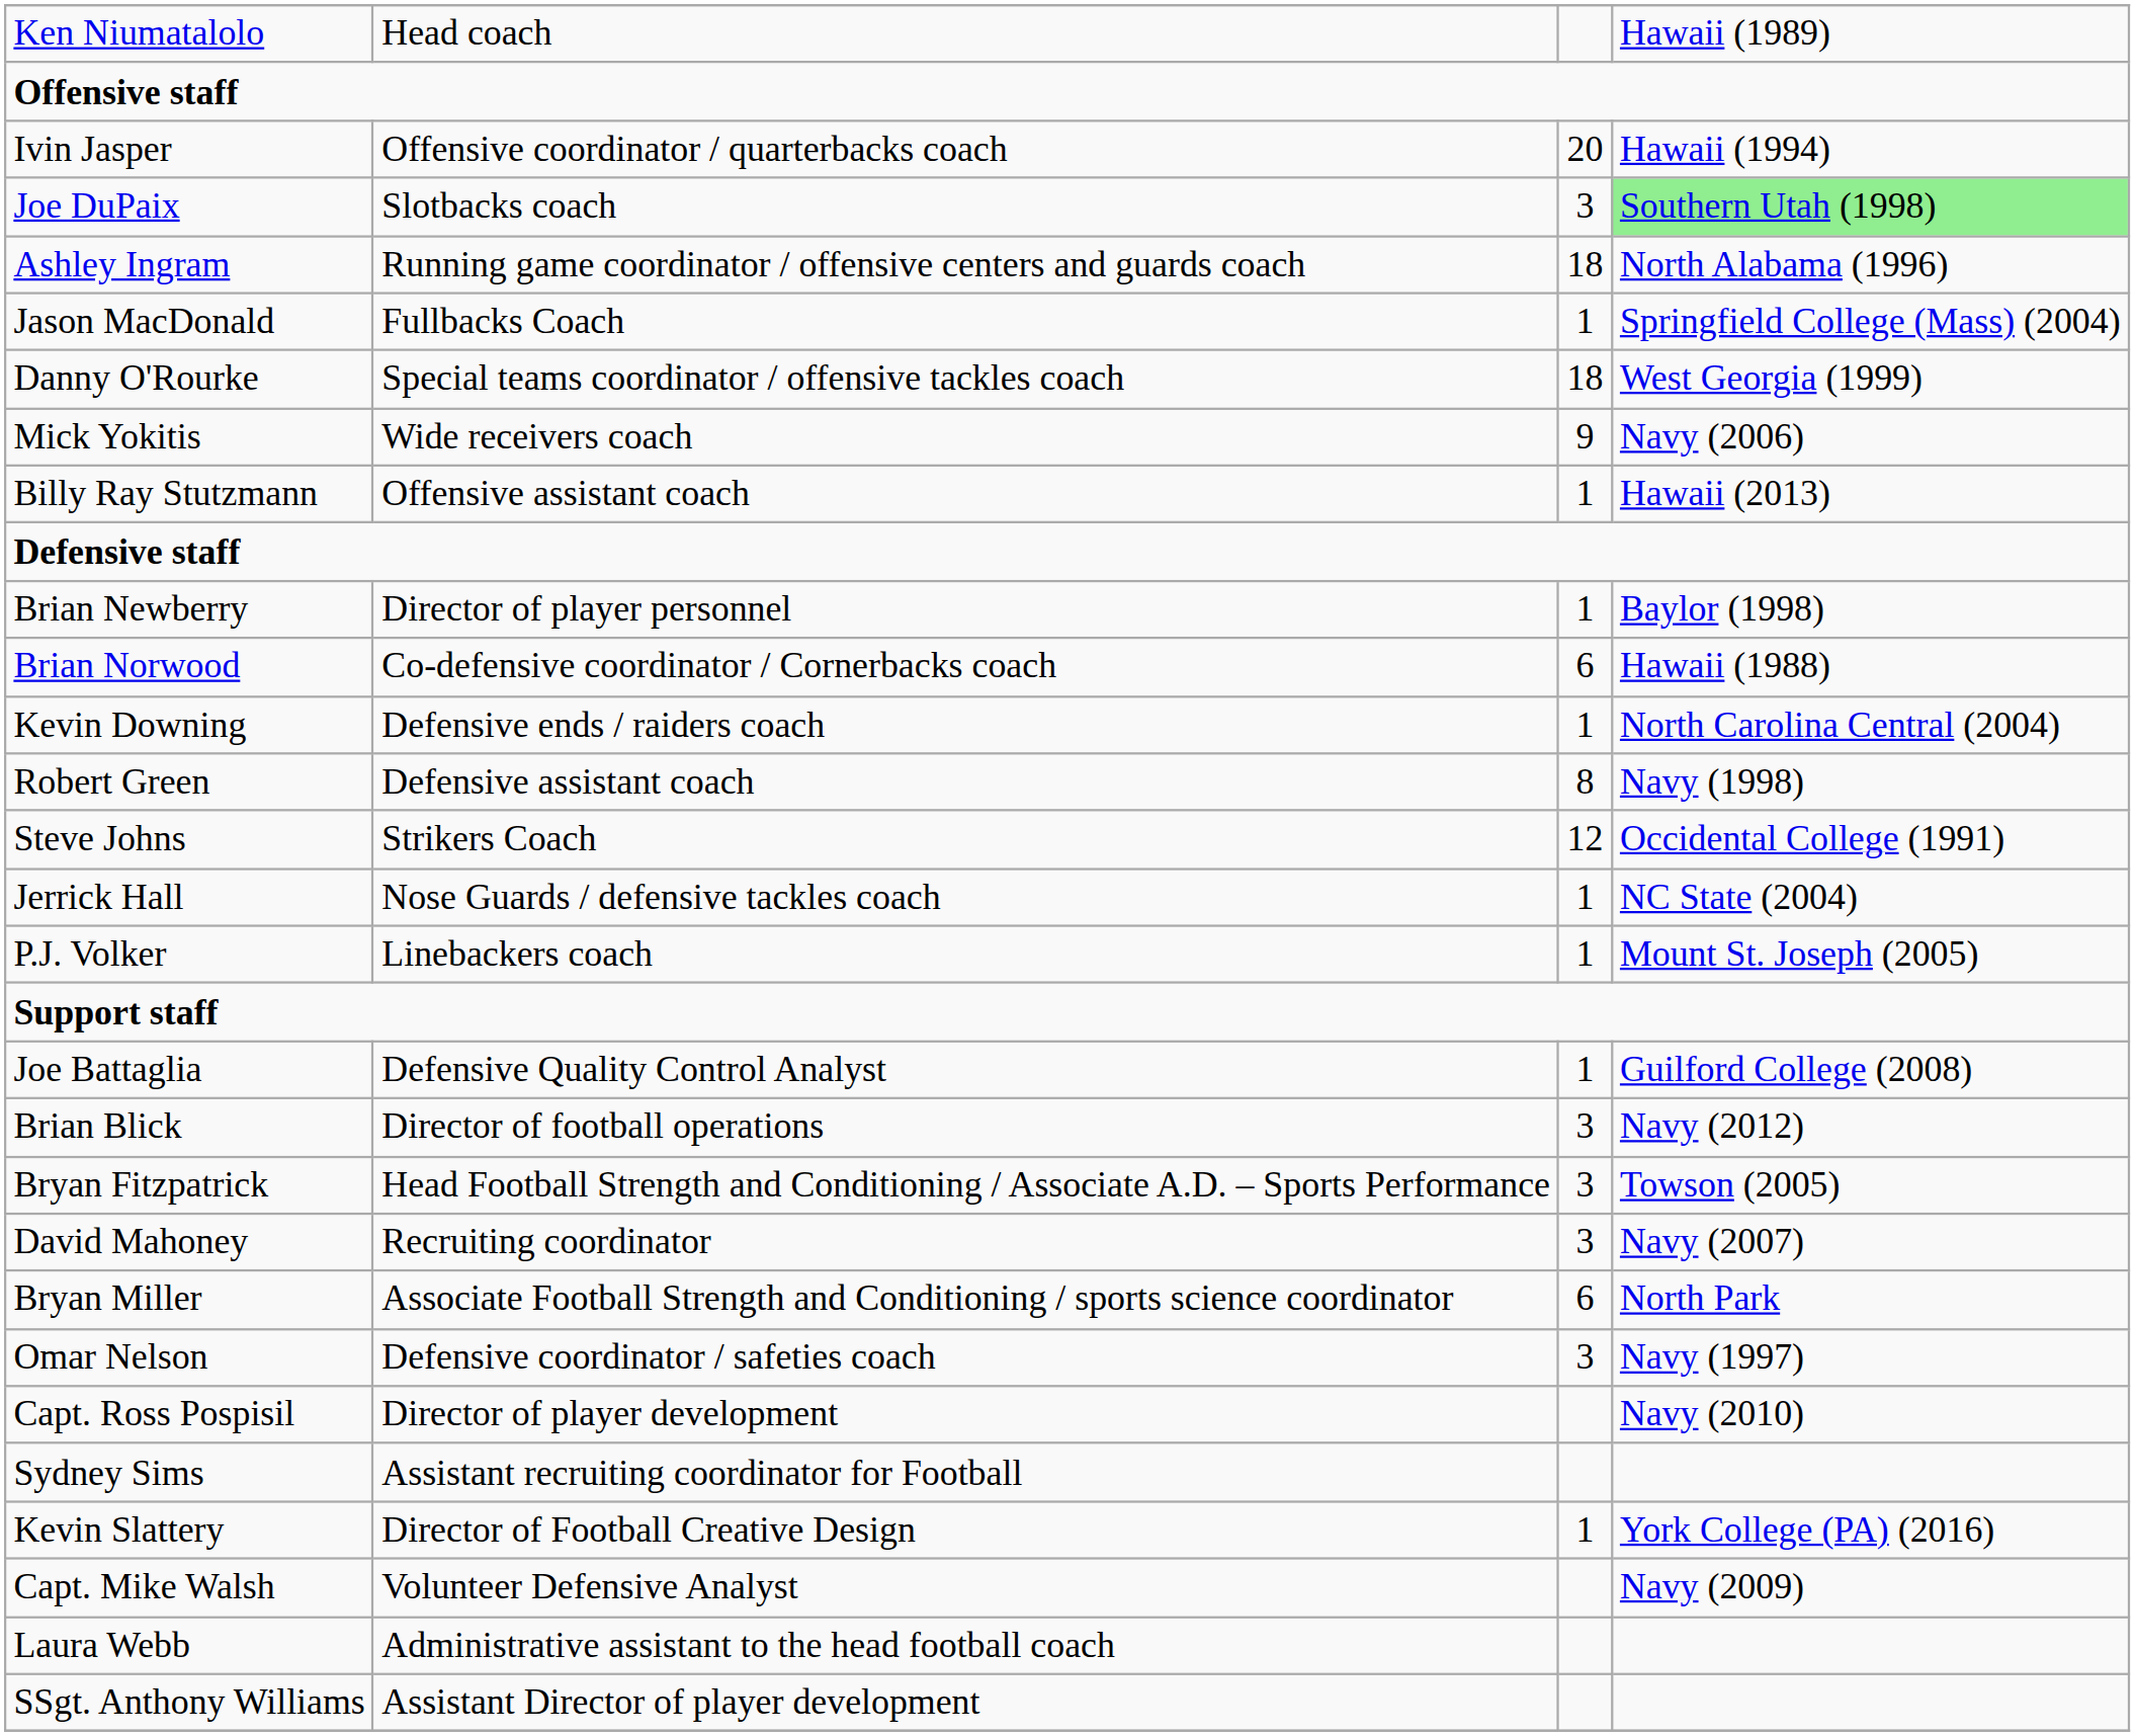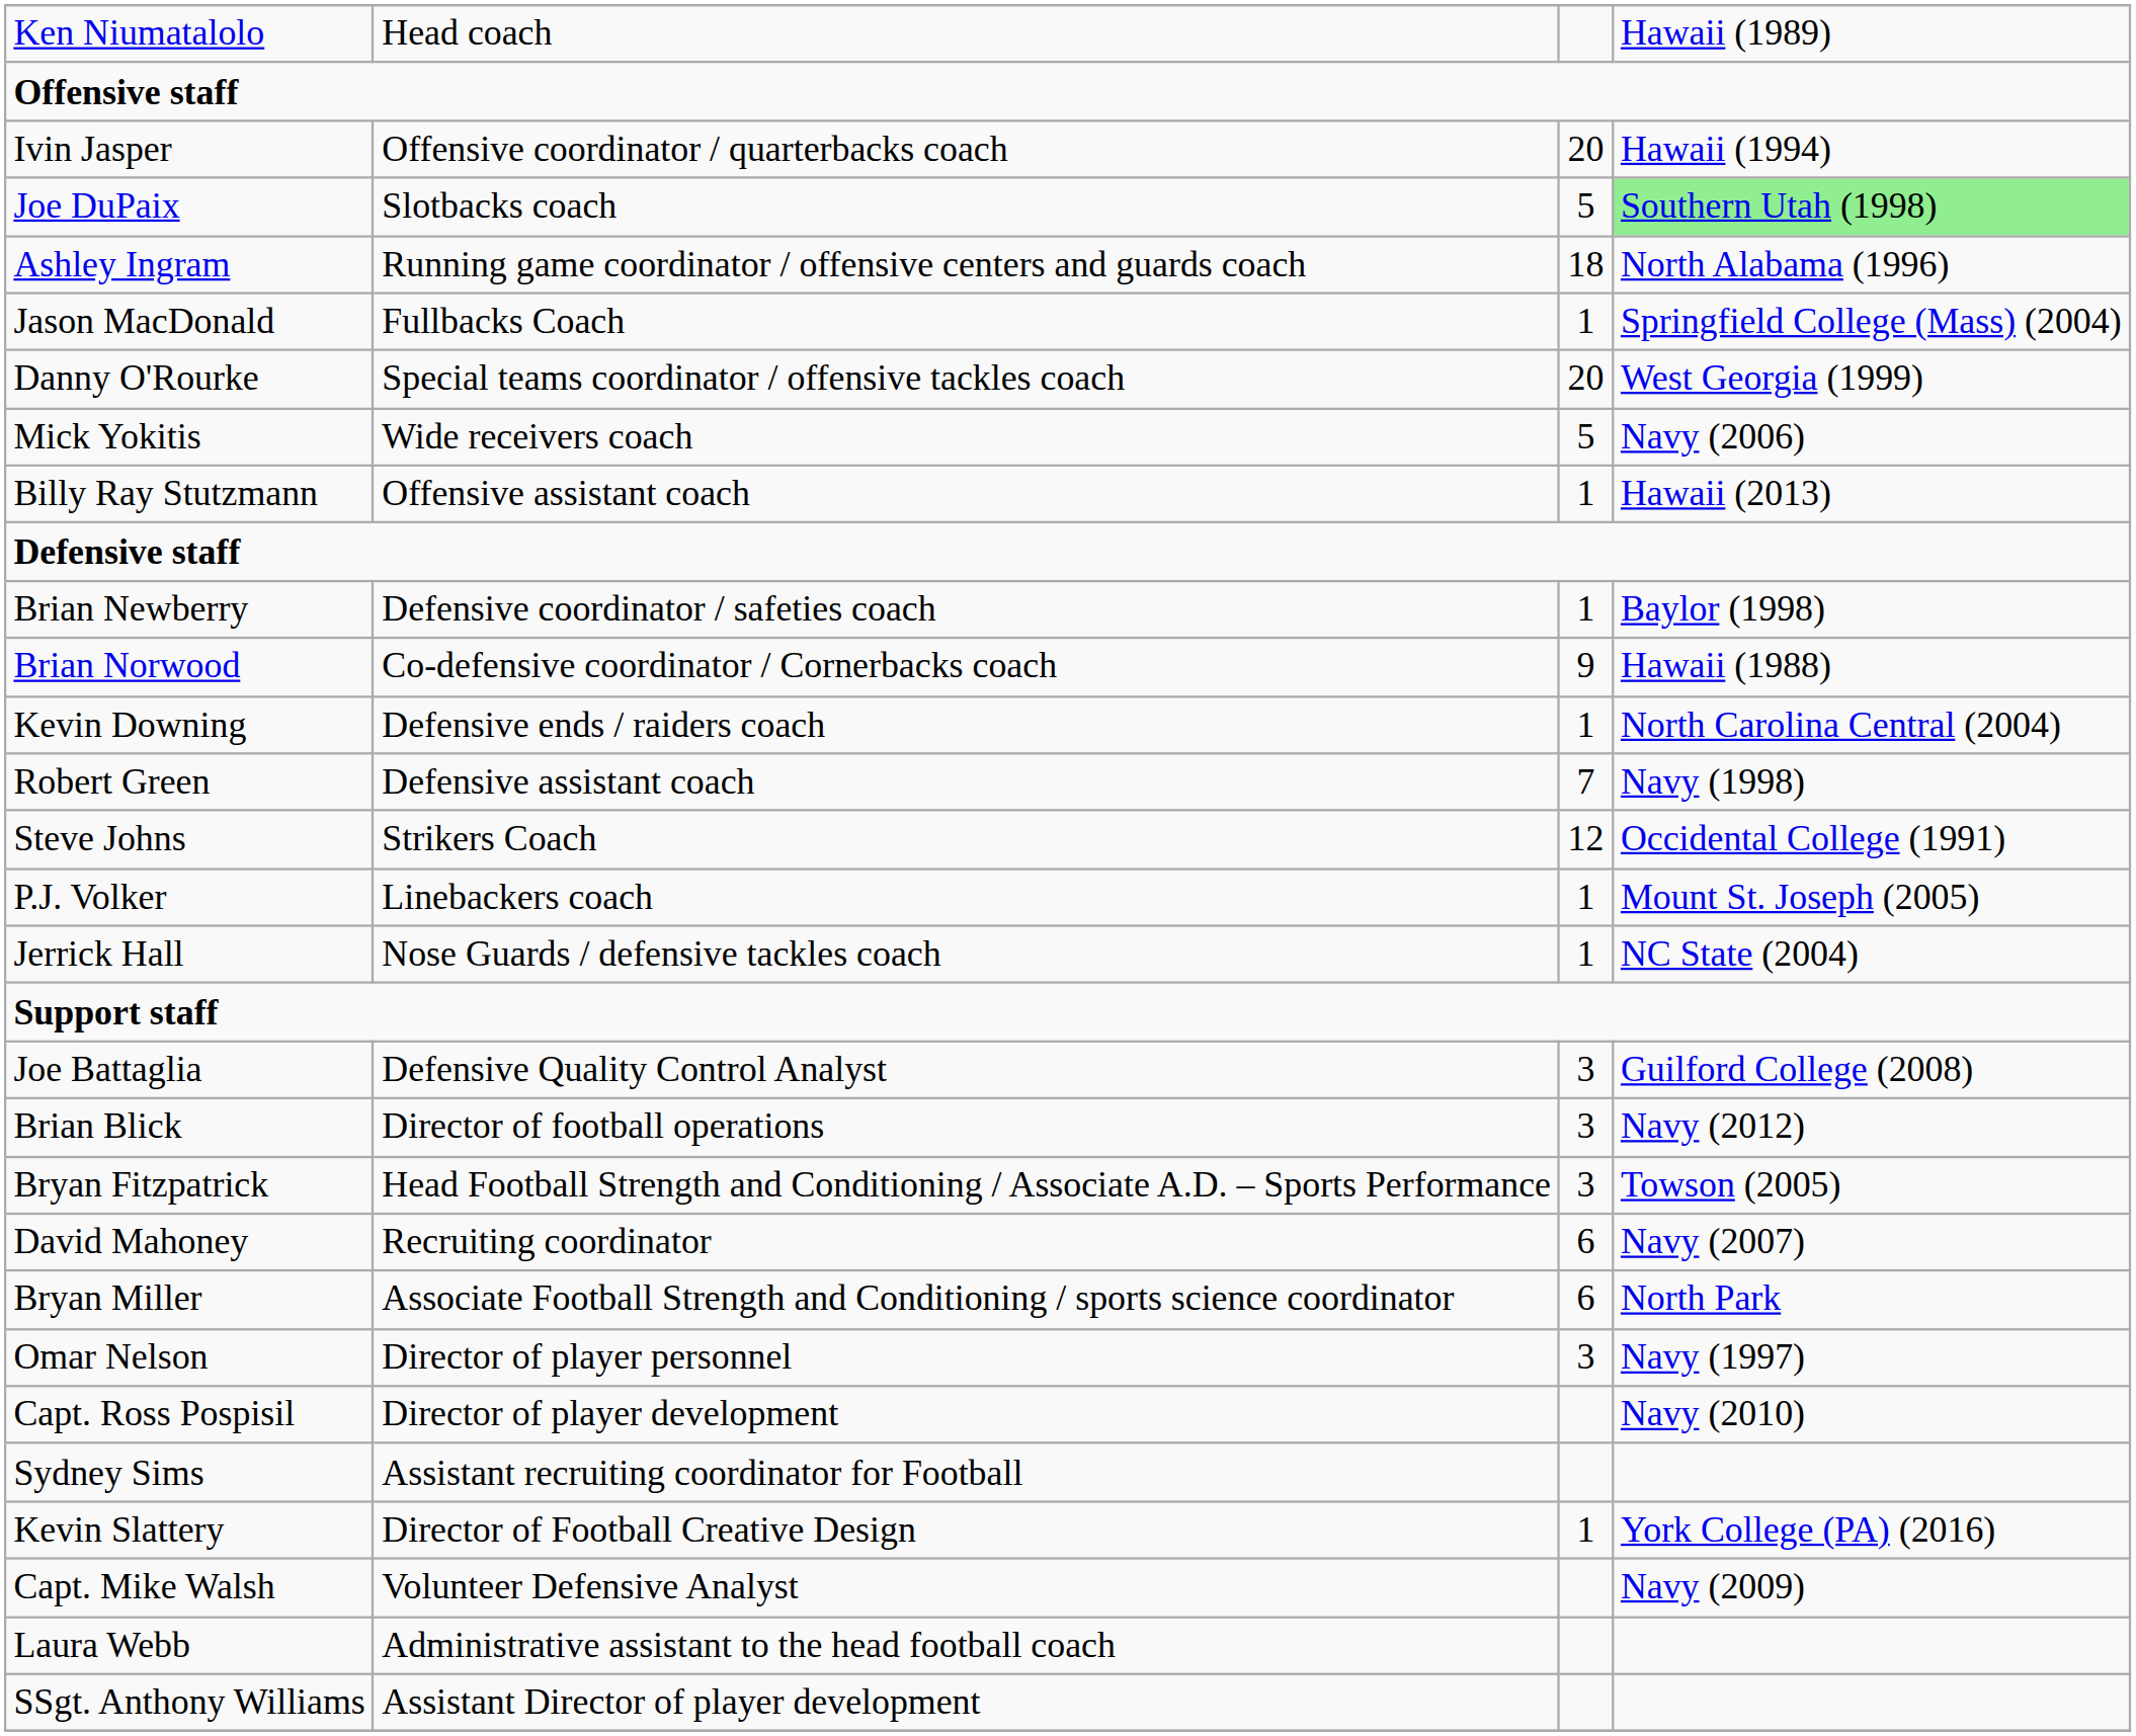 <table class="wikitable">
 <tr>
 </tr>
 <tr>
 <td><a href='#'>Ken Niumatalolo</a></td>
 <td>Head coach</td>
 <td align=center></td>
 <td><a href='#'>Hawaii</a> (1989)</td>
 </tr>
 <tr>
 <td colspan="4"><strong>Offensive staff</strong></td>
 </tr>
 <tr>
 <td>Ivin Jasper</td>
 <td>Offensive coordinator / quarterbacks coach</td>
 <td align=center>20</td>
 <td><a href='#'>Hawaii</a> (1994)</td>
 </tr>
 <tr>
 <td><a href='#'>Joe DuPaix</a></td>
 <td>Slotbacks coach</td>
-<td align=center>3</td>
+<td align=center>5</td>
 <td style="background: lightgreen;"><a href='#'>Southern Utah</a> (1998)</td>
 </tr>
 <tr>
 <td><a href='#'>Ashley Ingram</a></td>
 <td>Running game coordinator / offensive centers and guards coach</td>
 <td align=center>18</td>
 <td><a href='#'>North Alabama</a> (1996)</td>
 </tr>
 <tr>
 <td>Jason MacDonald</td>
 <td>Fullbacks Coach</td>
 <td align=center>1</td>
 <td><a href='#'>Springfield College (Mass)</a> (2004)</td>
 </tr>
 <tr>
 <td>Danny O'Rourke</td>
 <td>Special teams coordinator / offensive tackles coach</td>
-<td align=center>18</td>
+<td align=center>20</td>
 <td><a href='#'>West Georgia</a> (1999)</td>
 </tr>
 <tr>
 <td>Mick Yokitis</td>
 <td>Wide receivers coach</td>
-<td align=center>9</td>
+<td align=center>5</td>
 <td><a href='#'>Navy</a> (2006)</td>
 </tr>
 <tr>
 <td>Billy Ray Stutzmann</td>
 <td>Offensive assistant coach</td>
 <td align=center>1</td>
 <td><a href='#'>Hawaii</a> (2013)</td>
 </tr>
 <tr>
 <td colspan="4"><strong>Defensive staff</strong></td>
 </tr>
 <tr>
 <td>Brian Newberry</td>
-<td>Director of player personnel</td>
+<td>Defensive coordinator / safeties coach</td>
 <td align=center>1</td>
 <td><a href='#'>Baylor</a> (1998)</td>
 </tr>
 <tr>
 <td><a href='#'>Brian Norwood</a></td>
 <td>Co-defensive coordinator / Cornerbacks coach</td>
-<td align=center>6</td>
+<td align=center>9</td>
 <td><a href='#'>Hawaii</a> (1988)</td>
 </tr>
 <tr>
 <td>Kevin Downing</td>
 <td>Defensive ends / raiders coach</td>
 <td align=center>1</td>
 <td><a href='#'>North Carolina Central</a> (2004)</td>
 </tr>
 <tr>
 <td>Robert Green</td>
 <td>Defensive assistant coach</td>
-<td align=center>8</td>
+<td align=center>7</td>
 <td><a href='#'>Navy</a> (1998)</td>
 </tr>
 <tr>
 <td>Steve Johns</td>
 <td>Strikers Coach</td>
 <td align=center>12</td>
 <td><a href='#'>Occidental College</a> (1991)</td>
 </tr>
 <tr>
+<td>P.J. Volker</td>
+<td>Linebackers coach</td>
+<td align=center>1</td>
+<td><a href='#'>Mount St. Joseph</a> (2005)</td>
+</tr>
+<tr>
 <td>Jerrick Hall</td>
 <td>Nose Guards / defensive tackles coach</td>
 <td align=center>1</td>
 <td><a href='#'>NC State</a> (2004)</td>
-</tr>
-<tr>
-<td>P.J. Volker</td>
-<td>Linebackers coach</td>
-<td align=center>1</td>
-<td><a href='#'>Mount St. Joseph</a> (2005)</td>
 </tr>
 <tr>
 <td colspan="4"><strong>Support staff</strong></td>
 </tr>
 <tr>
 <td>Joe Battaglia</td>
 <td>Defensive Quality Control Analyst</td>
-<td align=center>1</td>
+<td align=center>3</td>
 <td><a href='#'>Guilford College</a> (2008)</td>
 </tr>
 <tr>
 <td>Brian Blick</td>
 <td>Director of football operations</td>
 <td align=center>3</td>
 <td><a href='#'>Navy</a> (2012)</td>
 </tr>
 <tr>
 <td>Bryan Fitzpatrick</td>
 <td>Head Football Strength and Conditioning / Associate A.D. – Sports Performance</td>
 <td align=center>3</td>
 <td><a href='#'>Towson</a> (2005)</td>
 </tr>
 <tr>
 <td>David Mahoney</td>
 <td>Recruiting coordinator</td>
-<td align=center>3</td>
+<td align=center>6</td>
 <td><a href='#'>Navy</a> (2007)</td>
 </tr>
 <tr>
 <td>Bryan Miller</td>
 <td>Associate Football Strength and Conditioning / sports science coordinator</td>
 <td align=center>6</td>
 <td><a href='#'>North Park</a></td>
 </tr>
 <tr>
 <td>Omar Nelson</td>
-<td>Defensive coordinator / safeties coach</td>
+<td>Director of player personnel</td>
 <td align=center>3</td>
 <td><a href='#'>Navy</a> (1997)</td>
 </tr>
 <tr>
 <td>Capt. Ross Pospisil</td>
 <td>Director of player development</td>
 <td align=center></td>
 <td><a href='#'>Navy</a> (2010)</td>
 </tr>
 <tr>
 <td>Sydney Sims</td>
 <td>Assistant recruiting coordinator for Football</td>
 <td align=center></td>
 <td></td>
 </tr>
 <tr>
 <td>Kevin Slattery</td>
 <td>Director of Football Creative Design</td>
 <td align=center>1</td>
 <td><a href='#'>York College (PA)</a> (2016)</td>
 </tr>
 <tr>
 <td>Capt. Mike Walsh</td>
 <td>Volunteer Defensive Analyst</td>
 <td align=center></td>
 <td><a href='#'>Navy</a> (2009)</td>
 </tr>
 <tr>
 <td>Laura Webb</td>
 <td>Administrative assistant to the head football coach</td>
 <td align=center></td>
 <td></td>
 </tr>
 <tr>
 <td>SSgt. Anthony Williams</td>
 <td>Assistant Director of player development</td>
 <td align=center></td>
 <td></td>
 </tr>
 <tr>
 </tr>
 </table>
